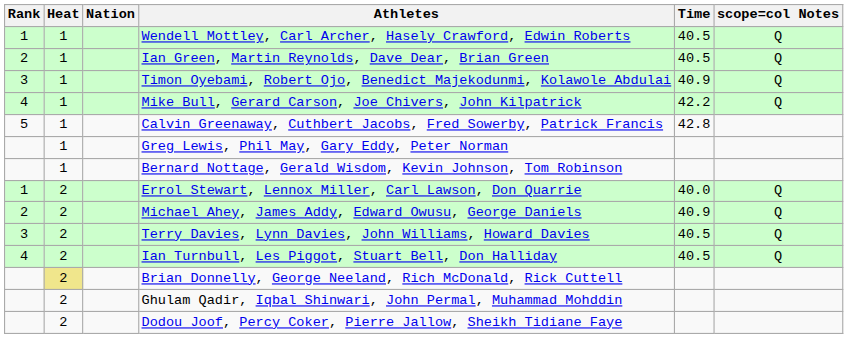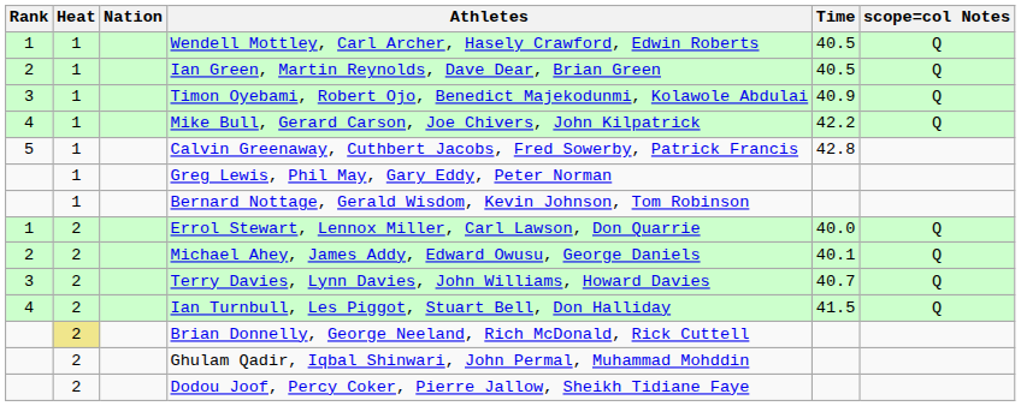 <table class="wikitable sortable" style="text-align:center;font-size:95%">
 <tr>
 <th scope=col>Rank</th>
 <th scope=col>Heat</th>
 <th scope=col>Nation</th>
 <th scope=col>Athletes</th>
 <th scope=col>Time</th>
 <th>scope=col  Notes</th>
 </tr>
 <tr style="background-color: #ccffcc;">
 <td>1</td>
 <td>1</td>
 <td style="text-align:left;"></td>
 <td style="text-align:left;"><a href='#'>Wendell Mottley</a>, <a href='#'>Carl Archer</a>, <a href='#'>Hasely Crawford</a>, <a href='#'>Edwin Roberts</a></td>
 <td>40.5</td>
 <td>Q</td>
 </tr>
 <tr style="background-color: #ccffcc;">
 <td>2</td>
 <td>1</td>
 <td style="text-align:left;"></td>
 <td style="text-align:left;"><a href='#'>Ian Green</a>, <a href='#'>Martin Reynolds</a>, <a href='#'>Dave Dear</a>, <a href='#'>Brian Green</a></td>
 <td>40.5</td>
 <td>Q</td>
 </tr>
 <tr style="background-color: #ccffcc;">
 <td>3</td>
 <td>1</td>
 <td style="text-align:left;"></td>
 <td style="text-align:left;"><a href='#'>Timon Oyebami</a>, <a href='#'>Robert Ojo</a>, <a href='#'>Benedict Majekodunmi</a>, <a href='#'>Kolawole Abdulai</a></td>
 <td>40.9</td>
 <td>Q</td>
 </tr>
 <tr style="background-color: #ccffcc;">
 <td>4</td>
 <td>1</td>
 <td style="text-align:left;"></td>
 <td style="text-align:left;"><a href='#'>Mike Bull</a>, <a href='#'>Gerard Carson</a>, <a href='#'>Joe Chivers</a>, <a href='#'>John Kilpatrick</a></td>
 <td>42.2</td>
 <td>Q</td>
 </tr>
 <tr>
 <td>5</td>
 <td>1</td>
 <td style="text-align:left;"></td>
 <td style="text-align:left;"><a href='#'>Calvin Greenaway</a>, <a href='#'>Cuthbert Jacobs</a>, <a href='#'>Fred Sowerby</a>, <a href='#'>Patrick Francis</a></td>
 <td>42.8</td>
 <td></td>
 </tr>
 <tr>
 <td></td>
 <td>1</td>
 <td style="text-align:left;"></td>
 <td style="text-align:left;"><a href='#'>Greg Lewis</a>, <a href='#'>Phil May</a>, <a href='#'>Gary Eddy</a>, <a href='#'>Peter Norman</a></td>
 <td></td>
 <td></td>
 </tr>
 <tr>
 <td></td>
 <td>1</td>
 <td style="text-align:left;"></td>
 <td style="text-align:left;"><a href='#'>Bernard Nottage</a>, <a href='#'>Gerald Wisdom</a>, <a href='#'>Kevin Johnson</a>, <a href='#'>Tom Robinson</a></td>
 <td></td>
 <td></td>
 </tr>
 <tr style="background-color: #ccffcc;">
 <td>1</td>
 <td>2</td>
 <td style="text-align:left;"></td>
 <td style="text-align:left;"><a href='#'>Errol Stewart</a>, <a href='#'>Lennox Miller</a>, <a href='#'>Carl Lawson</a>, <a href='#'>Don Quarrie</a></td>
 <td>40.0</td>
 <td>Q</td>
 </tr>
 <tr style="background-color: #ccffcc;">
 <td>2</td>
 <td>2</td>
 <td style="text-align:left;"></td>
 <td style="text-align:left;"><a href='#'>Michael Ahey</a>, <a href='#'>James Addy</a>, <a href='#'>Edward Owusu</a>, <a href='#'>George Daniels</a></td>
-<td>40.9</td>
+<td>40.1</td>
 <td>Q</td>
 </tr>
 <tr style="background-color: #ccffcc;">
 <td>3</td>
 <td>2</td>
 <td style="text-align:left;"></td>
 <td style="text-align:left;"><a href='#'>Terry Davies</a>, <a href='#'>Lynn Davies</a>, <a href='#'>John Williams</a>, <a href='#'>Howard Davies</a></td>
-<td>40.5</td>
+<td>40.7</td>
 <td>Q</td>
 </tr>
 <tr style="background-color: #ccffcc;">
 <td>4</td>
 <td>2</td>
 <td style="text-align:left;"></td>
 <td style="text-align:left;"><a href='#'>Ian Turnbull</a>, <a href='#'>Les Piggot</a>, <a href='#'>Stuart Bell</a>, <a href='#'>Don Halliday</a></td>
-<td>40.5</td>
+<td>41.5</td>
 <td>Q</td>
 </tr>
 <tr>
 <td></td>
 <td style="background: khaki;">2</td>
 <td style="text-align:left;"></td>
 <td style="text-align:left;"><a href='#'>Brian Donnelly</a>, <a href='#'>George Neeland</a>, <a href='#'>Rich McDonald</a>, <a href='#'>Rick Cuttell</a></td>
 <td></td>
 <td></td>
 </tr>
 <tr>
 <td></td>
 <td>2</td>
 <td style="text-align:left;"></td>
 <td style="text-align:left;">Ghulam Qadir, <a href='#'>Iqbal Shinwari</a>, <a href='#'>John Permal</a>, <a href='#'>Muhammad Mohddin</a></td>
 <td></td>
 <td></td>
 </tr>
 <tr>
 <td></td>
 <td>2</td>
 <td style="text-align:left;"></td>
 <td style="text-align:left;"><a href='#'>Dodou Joof</a>, <a href='#'>Percy Coker</a>, <a href='#'>Pierre Jallow</a>, <a href='#'>Sheikh Tidiane Faye</a></td>
 <td></td>
 <td></td>
 </tr>
 </table>
